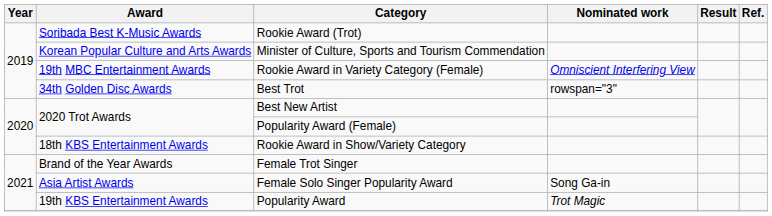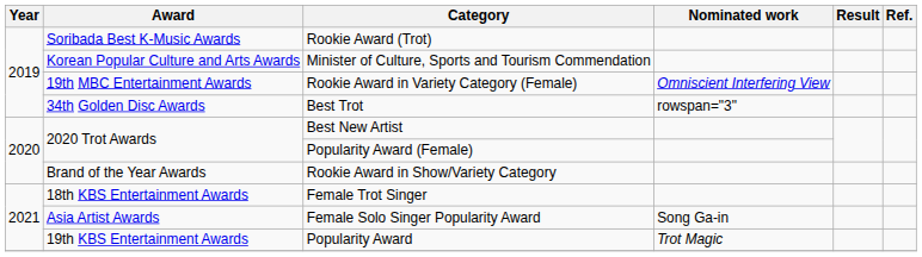 <table class="wikitable plainrowheaders">
 <tr>
 <th>Year</th>
 <th>Award</th>
 <th>Category</th>
 <th>Nominated work</th>
 <th>Result</th>
 <th>Ref.</th>
 </tr>
 <tr>
 <td rowspan="4">2019</td>
 <td><a href='#'>Soribada Best K-Music Awards</a></td>
 <td>Rookie Award (Trot)</td>
 <td></td>
 <td></td>
 <td style="text-align:center"></td>
 </tr>
 <tr>
 <td><a href='#'>Korean Popular Culture and Arts Awards</a></td>
 <td>Minister of Culture, Sports and Tourism Commendation</td>
 <td></td>
 <td></td>
 <td style="text-align:center"></td>
 </tr>
 <tr>
 <td><a href='#'>19th</a> <a href='#'>MBC Entertainment Awards</a></td>
 <td>Rookie Award in Variety Category (Female)</td>
 <td><em><a href='#'>Omniscient Interfering View</a></em></td>
 <td></td>
 <td></td>
 </tr>
 <tr>
 <td><a href='#'>34th</a> <a href='#'>Golden Disc Awards</a></td>
 <td>Best Trot</td>
 <td>rowspan="3" </td>
 <td></td>
 <td style="text-align:center"></td>
 </tr>
 <tr>
 <td rowspan="3">2020</td>
 <td rowspan="2">2020 Trot Awards</td>
 <td>Best New Artist</td>
 <td></td>
 <td rowspan="2" style="text-align:center"></td>
 </tr>
 <tr>
 <td>Popularity Award (Female)</td>
 <td></td>
 </tr>
 <tr>
-<td>18th <a href='#'>KBS Entertainment Awards</a></td>
+<td>Brand of the Year Awards</td>
 <td>Rookie Award in Show/Variety Category</td>
 <td><em></em></td>
 <td></td>
 <td></td>
 </tr>
 <tr>
 <td rowspan="3">2021</td>
-<td>Brand of the Year Awards</td>
+<td>18th <a href='#'>KBS Entertainment Awards</a></td>
 <td>Female Trot Singer</td>
 <td></td>
 <td></td>
 <td style="text-align:center"></td>
 </tr>
 <tr>
 <td><a href='#'>Asia Artist Awards</a></td>
 <td>Female Solo Singer Popularity Award</td>
 <td rowspan="1">Song Ga-in</td>
 <td></td>
 <td style="text-align:center"></td>
 </tr>
 <tr>
 <td>19th <a href='#'>KBS Entertainment Awards</a></td>
 <td>Popularity Award</td>
 <td><em>Trot Magic</em></td>
 <td></td>
 <td style="text-align:center"></td>
 </tr>
 <tr>
 </tr>
 </table>
